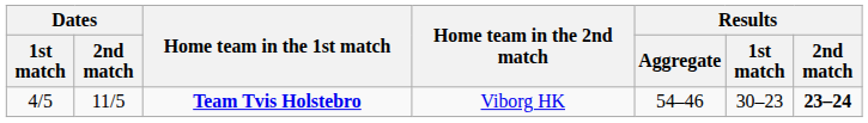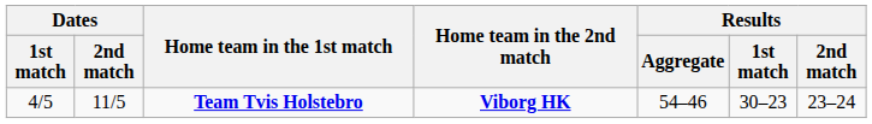 <table class="wikitable" style="text-align:center; margin-left:1em;">
 <tr>
 <th colspan="2">Dates</th>
 <th rowspan="2" style="width:220px;">Home team in the 1st match</th>
 <th rowspan="2" style="width:180px;">Home team in the 2nd match</th>
 <th colspan="3">Results</th>
 </tr>
 <tr>
 <th style="width:50px;">1st match</th>
 <th style="width:50px;">2nd match</th>
 <th style="width:50px;">Aggregate</th>
 <th style="width:50px;">1st match</th>
 <th style="width:50px;">2nd match</th>
 </tr>
 <tr>
 <td>4/5</td>
 <td>11/5</td>
 <td><strong><a href='#'>Team Tvis Holstebro</a></strong></td>
-<td><a href='#'>Viborg HK</a></td>
+<td><strong><a href='#'>Viborg HK</a></strong></td>
 <td>54–46</td>
 <td>30–23</td>
-<td><strong>23–24</strong></td>
+<td>23–24</td>
 </tr>
 </table>
